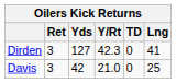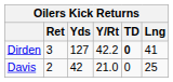 <table class="wikitable">
 <tr>
 <th colspan="6">Oilers Kick Returns</th>
 </tr>
 <tr>
 <th></th>
 <th>Ret</th>
 <th>Yds</th>
 <th>Y/Rt</th>
 <th>TD</th>
 <th>Lng</th>
 </tr>
 <tr>
 <td><a href='#'>Dirden</a></td>
 <td>3</td>
 <td>127</td>
-<td>42.3</td>
-<td>0</td>
+<td>42.2</td>
+<td><strong>0</strong></td>
 <td>41</td>
 </tr>
 <tr>
 <td><a href='#'>Davis</a></td>
-<td>3</td>
+<td>2</td>
 <td>42</td>
 <td>21.0</td>
 <td>0</td>
 <td>25</td>
 </tr>
 </table>
